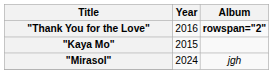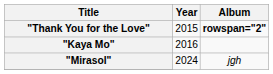 <table class="wikitable plainrowheaders" style="text-align:center;">
 <tr>
 <th scope="col" style="width:16em;">Title</th>
 <th scope="col">Year</th>
 <th scope="col">Album</th>
 </tr>
 <tr>
 <th scope="row">"Thank You for the Love" <br> </th>
-<td>2016</td>
+<td>2015</td>
 <td><strong>rowspan="2" </strong></td>
 </tr>
 <tr>
 <th scope="row">"Kaya Mo" <br> </th>
-<td>2015</td>
+<td>2016</td>
 </tr>
 <tr>
 <th scope="row">"Mirasol"</th>
 <td rowspan="2">2024</td>
 <td rowspan="2"><em>jgh</em></td>
 </tr>
 <tr>
 </tr>
 </table>
